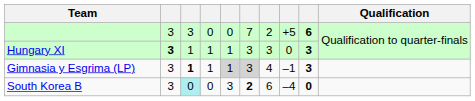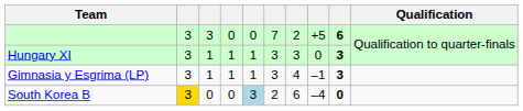 <table class="wikitable" style="text-align:center;">
 <tr>
 <th width=210>Team</th>
 <th width=20></th>
 <th width=20></th>
 <th width=20></th>
 <th width=20></th>
 <th width=20></th>
 <th width=20></th>
 <th width=20></th>
 <th width=20></th>
 <th>Qualification</th>
 </tr>
 <tr bgcolor="#ccffcc">
 <td align="left"></td>
 <td>3</td>
 <td>3</td>
 <td>0</td>
 <td>0</td>
 <td>7</td>
 <td>2</td>
 <td>+5</td>
 <td><strong>6</strong></td>
 <td rowspan="2">Qualification to quarter-finals</td>
 </tr>
 <tr bgcolor="#ccffcc">
 <td align="left"> <a href='#'>Hungary XI</a></td>
-<td><strong>3</strong></td>
+<td>3</td>
 <td>1</td>
 <td>1</td>
 <td>1</td>
 <td>3</td>
 <td>3</td>
 <td>0</td>
 <td><strong>3</strong></td>
 </tr>
 <tr>
 <td align="left"> <a href='#'>Gimnasia y Esgrima (LP)</a></td>
 <td>3</td>
-<td><strong>1</strong></td>
 <td>1</td>
-<td style="background: lightgrey;">1</td>
-<td style="background: lightgrey;">3</td>
+<td>1</td>
+<td>1</td>
+<td>3</td>
 <td>4</td>
 <td>–1</td>
 <td><strong>3</strong></td>
 <td></td>
 </tr>
 <tr>
 <td align="left"> <a href='#'>South Korea B</a></td>
-<td>3</td>
-<td style="background: paleturquoise;">0</td>
+<td style="background: gold;">3</td>
 <td>0</td>
-<td>3</td>
-<td><strong>2</strong></td>
+<td>0</td>
+<td style="background: lightblue;">3</td>
+<td>2</td>
 <td>6</td>
 <td>–4</td>
 <td><strong>0</strong></td>
 <td></td>
 </tr>
 </table>
